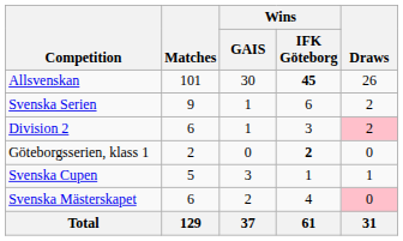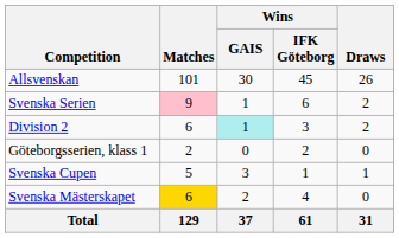 <table class="wikitable" style="font-size:90%; text-align: center">
 <tr>
 <th rowspan="2" valign="bottom" width="150">Competition</th>
 <th rowspan="2" valign="bottom" width="50">Matches</th>
 <th colspan="2" valign="bottom">Wins</th>
 <th rowspan="2" valign="bottom" width="50">Draws</th>
 </tr>
 <tr>
 <th width="50">GAIS</th>
 <th width="50">IFK Göteborg</th>
 </tr>
 <tr>
 <td align="left"><a href='#'>Allsvenskan</a></td>
 <td>101</td>
 <td>30</td>
-<td><strong>45</strong></td>
+<td>45</td>
 <td>26</td>
 </tr>
 <tr>
 <td align="left"><a href='#'>Svenska Serien</a></td>
-<td>9</td>
+<td style="background: pink;">9</td>
 <td>1</td>
 <td>6</td>
 <td>2</td>
 </tr>
 <tr>
 <td align="left"><a href='#'>Division 2</a></td>
 <td>6</td>
-<td>1</td>
+<td style="background: paleturquoise;">1</td>
 <td>3</td>
-<td style="background: pink;">2</td>
+<td>2</td>
 </tr>
 <tr>
 <td align="left">Göteborgsserien, klass 1</td>
 <td>2</td>
 <td>0</td>
-<td><strong>2</strong></td>
+<td>2</td>
 <td>0</td>
 </tr>
 <tr>
 <td align="left"><a href='#'>Svenska Cupen</a></td>
 <td>5</td>
 <td>3</td>
 <td>1</td>
 <td>1</td>
 </tr>
 <tr>
 <td align="left"><a href='#'>Svenska Mästerskapet</a></td>
-<td>6</td>
+<td style="background: gold;">6</td>
 <td>2</td>
 <td>4</td>
-<td style="background: pink;">0</td>
+<td>0</td>
 </tr>
 <tr>
 <th>Total</th>
 <th>129</th>
 <th>37</th>
 <th>61</th>
 <th>31</th>
 </tr>
 </table>
